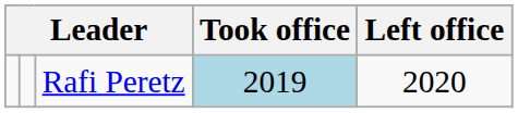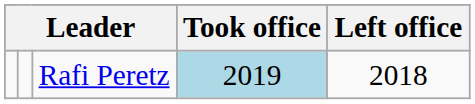 <table class="wikitable" style="text-align: center;">
 <tr>
 <th colspan="3">Leader</th>
 <th>Took office</th>
 <th>Left office</th>
 </tr>
 <tr>
 <td style="background: "></td>
 <td></td>
 <td><a href='#'>Rafi Peretz</a></td>
 <td style="background: lightblue;">2019</td>
-<td>2020</td>
+<td>2018</td>
 </tr>
 </table>
